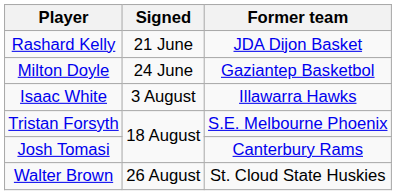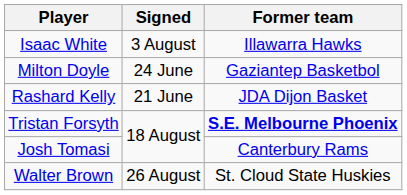 <table class="wikitable sortable sortable" style="text-align: center">
 <tr>
 <th>Player</th>
 <th>Signed</th>
 <th>Former team</th>
 </tr>
 <tr>
-<td><a href='#'>Rashard Kelly</a></td>
-<td>21 June</td>
-<td><a href='#'>JDA Dijon Basket</a></td>
+<td><a href='#'>Isaac White</a></td>
+<td>3 August</td>
+<td><a href='#'>Illawarra Hawks</a></td>
 </tr>
 <tr>
 <td><a href='#'>Milton Doyle</a></td>
 <td>24 June</td>
 <td><a href='#'>Gaziantep Basketbol</a></td>
 </tr>
 <tr>
-<td><a href='#'>Isaac White</a></td>
-<td>3 August</td>
-<td><a href='#'>Illawarra Hawks</a></td>
+<td><a href='#'>Rashard Kelly</a></td>
+<td>21 June</td>
+<td><a href='#'>JDA Dijon Basket</a></td>
 </tr>
 <tr>
 <td><a href='#'>Tristan Forsyth</a></td>
 <td rowspan="2">18 August</td>
-<td><a href='#'>S.E. Melbourne Phoenix</a></td>
+<td><strong><a href='#'>S.E. Melbourne Phoenix</a></strong></td>
 </tr>
 <tr>
 <td><a href='#'>Josh Tomasi</a></td>
 <td><a href='#'>Canterbury Rams</a></td>
 </tr>
 <tr>
 <td><a href='#'>Walter Brown</a></td>
 <td>26 August</td>
 <td>St. Cloud State Huskies</td>
 </tr>
 </table>
